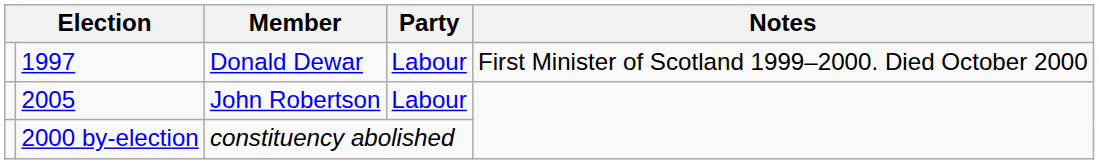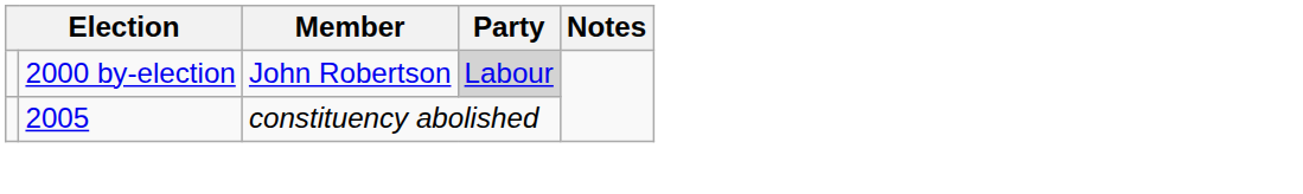 <table class="wikitable">
 <tr>
 <th colspan="2">Election</th>
 <th>Member</th>
 <th>Party</th>
 <th>Notes</th>
 </tr>
 <tr>
 <td style="background-color: "></td>
-<td><a href='#'>1997</a></td>
-<td><a href='#'>Donald Dewar</a></td>
-<td><a href='#'>Labour</a></td>
-<td>First Minister of Scotland 1999–2000. Died October 2000</td>
-</tr>
-<tr>
-<td style="background-color: "></td>
-<td><a href='#'>2005</a></td>
+<td><a href='#'>2000 by-election</a></td>
 <td><a href='#'>John Robertson</a></td>
-<td><a href='#'>Labour</a></td>
+<td style="background: lightgrey;"><a href='#'>Labour</a></td>
 </tr>
 <tr>
 <td></td>
-<td><a href='#'>2000 by-election</a></td>
+<td><a href='#'>2005</a></td>
 <td colspan="2"><em>constituency abolished</em></td>
 </tr>
 </table>
